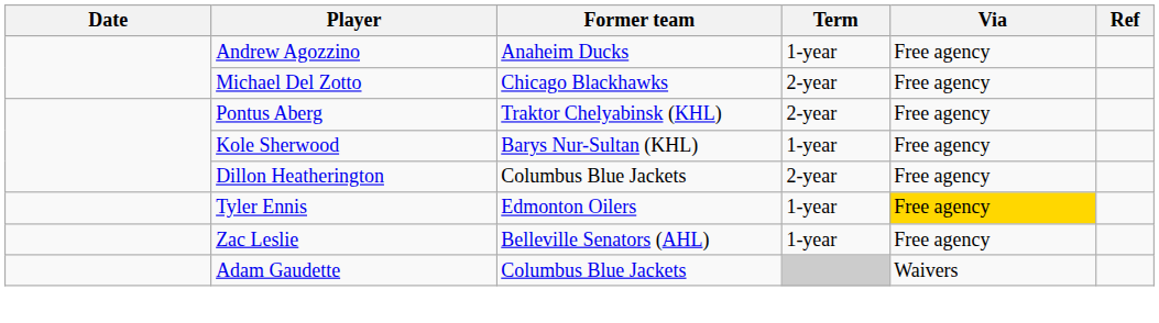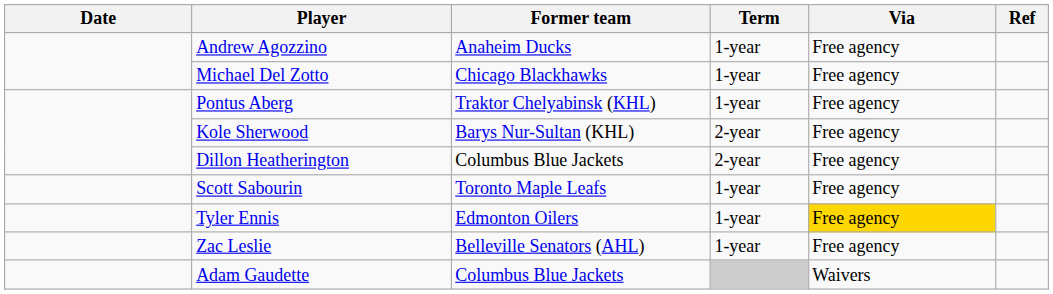 <table class="wikitable">
 <tr style="background:#ddd; text-align:center;">
 <th style="width: 10em;">Date</th>
 <th style="width: 14em;">Player</th>
 <th style="width: 14em;">Former team</th>
 <th style="width: 5em;">Term</th>
 <th style="width: 10em;">Via</th>
 <th style="width: 2.5em;">Ref</th>
 </tr>
 <tr>
 <td rowspan=2></td>
 <td><a href='#'>Andrew Agozzino</a></td>
 <td><a href='#'>Anaheim Ducks</a></td>
 <td>1-year</td>
 <td>Free agency</td>
 <td></td>
 </tr>
 <tr>
 <td><a href='#'>Michael Del Zotto</a></td>
 <td><a href='#'>Chicago Blackhawks</a></td>
-<td>2-year</td>
+<td>1-year</td>
 <td>Free agency</td>
 <td></td>
 </tr>
 <tr>
 <td rowspan=3></td>
 <td><a href='#'>Pontus Aberg</a></td>
 <td><a href='#'>Traktor Chelyabinsk</a> (<a href='#'>KHL</a>)</td>
-<td>2-year</td>
+<td>1-year</td>
 <td>Free agency</td>
 <td></td>
 </tr>
 <tr>
 <td><a href='#'>Kole Sherwood</a></td>
 <td><a href='#'>Barys Nur-Sultan</a> (KHL)</td>
-<td>1-year</td>
+<td>2-year</td>
 <td>Free agency</td>
 <td></td>
 </tr>
 <tr>
 <td><a href='#'>Dillon Heatherington</a></td>
 <td>Columbus Blue Jackets</td>
 <td>2-year</td>
+<td>Free agency</td>
+<td></td>
+</tr>
+<tr>
+<td></td>
+<td><a href='#'>Scott Sabourin</a></td>
+<td><a href='#'>Toronto Maple Leafs</a></td>
+<td>1-year</td>
 <td>Free agency</td>
 <td></td>
 </tr>
 <tr>
 <td></td>
 <td><a href='#'>Tyler Ennis</a></td>
 <td><a href='#'>Edmonton Oilers</a></td>
 <td>1-year</td>
 <td style="background: gold;">Free agency</td>
 <td></td>
 </tr>
 <tr>
 <td></td>
 <td><a href='#'>Zac Leslie</a></td>
 <td><a href='#'>Belleville Senators</a> (<a href='#'>AHL</a>)</td>
 <td>1-year</td>
 <td>Free agency</td>
 <td></td>
 </tr>
 <tr>
 <td></td>
 <td><a href='#'>Adam Gaudette</a></td>
 <td><a href='#'>Columbus Blue Jackets</a></td>
 <td style="background:#ccc"></td>
 <td>Waivers</td>
 <td></td>
 </tr>
 </table>
